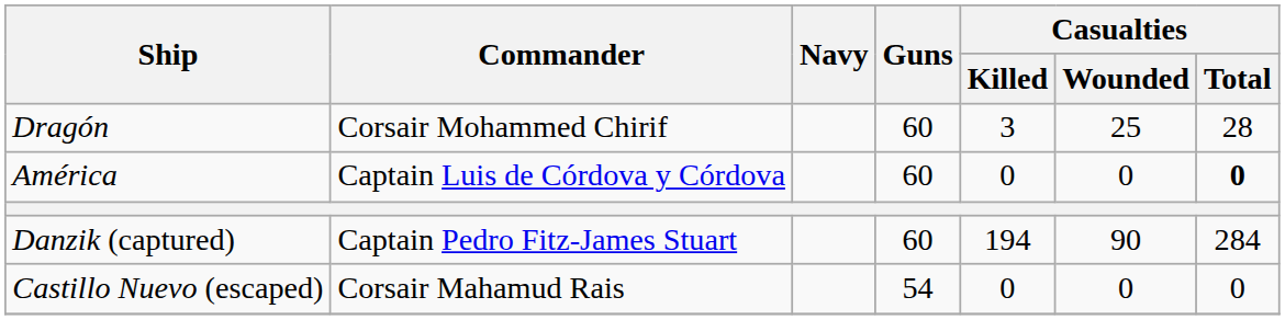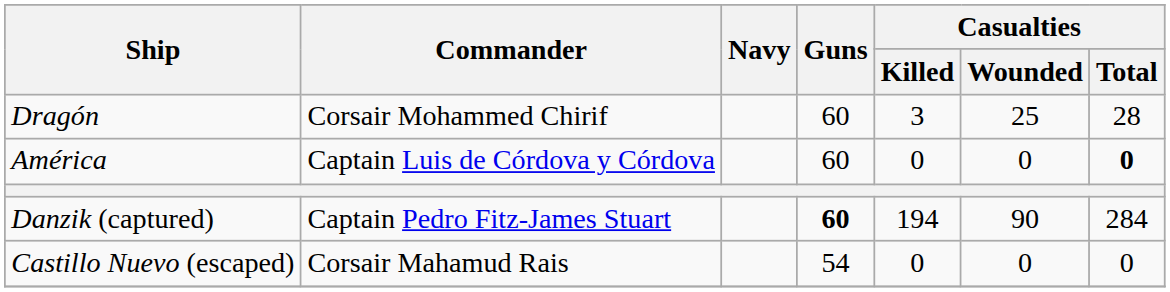 <table class="wikitable">
 <tr>
 <th rowspan=2>Ship</th>
 <th rowspan=2>Commander</th>
 <th rowspan=2>Navy</th>
 <th rowspan=2>Guns</th>
 <th colspan=3>Casualties</th>
 </tr>
 <tr>
 <th>Killed</th>
 <th>Wounded</th>
 <th>Total</th>
 </tr>
 <tr valign="top">
 <td align= left><em>Dragón</em></td>
 <td align= left>Corsair Mohammed Chirif </td>
 <td align= center></td>
 <td align= center>60</td>
 <td align= center>3</td>
 <td align= center>25</td>
 <td align= center>28</td>
 </tr>
 <tr valign="top">
 <td align= left><em>América</em></td>
 <td align= left>Captain <a href='#'>Luis de Córdova y Córdova</a></td>
 <td align= center></td>
 <td align= center>60</td>
 <td align= center>0</td>
 <td align= center>0</td>
 <td align= center><strong>0</strong></td>
 </tr>
 <tr valign="top">
 <th colspan="10" bgcolor="white"></th>
 </tr>
 <tr valign="top">
 <td align= left><em>Danzik</em> (captured)</td>
 <td align= left>Captain <a href='#'>Pedro Fitz-James Stuart</a></td>
 <td align= center></td>
-<td align= center>60</td>
+<td align= center><strong>60</strong></td>
 <td align= center>194</td>
 <td align= center>90</td>
 <td align= center>284</td>
 </tr>
 <tr valign="top">
 <td align= left><em>Castillo Nuevo</em> (escaped)</td>
 <td align= left>Corsair Mahamud Rais</td>
 <td align= center></td>
 <td align= center>54</td>
 <td align= center>0</td>
 <td align= center>0</td>
 <td align= center>0</td>
 </tr>
 <tr valign="top">
 </tr>
 </table>
